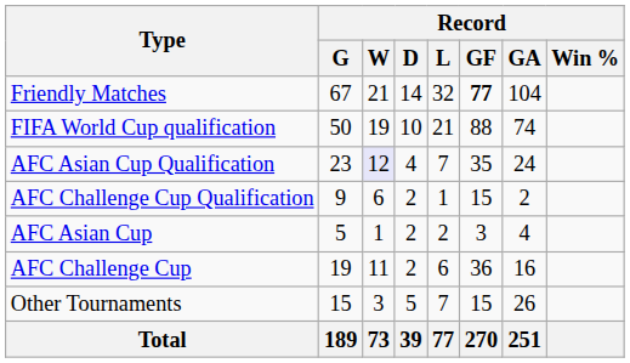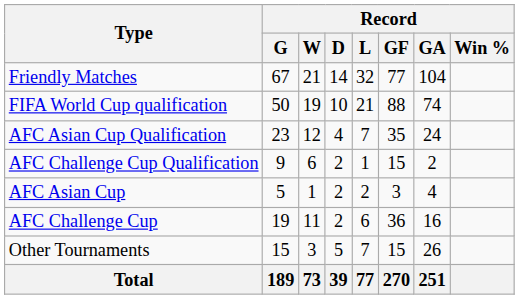 <table class="wikitable" style="text-align: center">
 <tr>
 <th rowspan="2">Type</th>
 <th colspan="8">Record</th>
 </tr>
 <tr>
 <th>G</th>
 <th>W</th>
 <th>D</th>
 <th>L</th>
 <th>GF</th>
 <th>GA</th>
 <th>Win %</th>
 </tr>
 <tr>
 <td align=left><a href='#'>Friendly Matches</a></td>
 <td>67</td>
 <td>21</td>
 <td>14</td>
 <td>32</td>
-<td><strong>77</strong></td>
+<td>77</td>
 <td>104</td>
 <td></td>
 </tr>
 <tr>
 <td align=left><a href='#'>FIFA World Cup qualification</a></td>
 <td>50</td>
 <td>19</td>
 <td>10</td>
 <td>21</td>
 <td>88</td>
 <td>74</td>
 <td></td>
 </tr>
 <tr>
 <td align=left><a href='#'>AFC Asian Cup Qualification</a></td>
 <td>23</td>
-<td style="background: lavender;">12</td>
+<td>12</td>
 <td>4</td>
 <td>7</td>
 <td>35</td>
 <td>24</td>
 <td></td>
 </tr>
 <tr>
 <td align=left><a href='#'>AFC Challenge Cup Qualification</a></td>
 <td>9</td>
 <td>6</td>
 <td>2</td>
 <td>1</td>
 <td>15</td>
 <td>2</td>
 <td></td>
 </tr>
 <tr>
 <td align=left><a href='#'>AFC Asian Cup</a></td>
 <td>5</td>
 <td>1</td>
 <td>2</td>
 <td>2</td>
 <td>3</td>
 <td>4</td>
 <td></td>
 </tr>
 <tr>
 <td align=left><a href='#'>AFC Challenge Cup</a></td>
 <td>19</td>
 <td>11</td>
 <td>2</td>
 <td>6</td>
 <td>36</td>
 <td>16</td>
 <td></td>
 </tr>
 <tr>
 <td align=left>Other Tournaments</td>
 <td>15</td>
 <td>3</td>
 <td>5</td>
 <td>7</td>
 <td>15</td>
 <td>26</td>
 <td></td>
 </tr>
 <tr>
 <th align=center colspan="1">Total</th>
 <th>189</th>
 <th>73</th>
 <th>39</th>
 <th>77</th>
 <th>270</th>
 <th>251</th>
 <th></th>
 </tr>
 </table>
